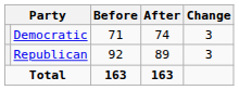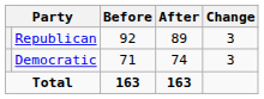 <table class="wikitable" style="text-align:center;">
 <tr>
 <th colspan="2">Party</th>
 <th>Before</th>
 <th>After</th>
 <th>Change</th>
 </tr>
 <tr>
 <th style="background-color:"></th>
-<td style="text-align:left;"><a href='#'>Democratic</a></td>
-<td>71</td>
-<td>74</td>
+<td style="text-align:left;"><a href='#'>Republican</a></td>
+<td>92</td>
+<td>89</td>
 <td> 3</td>
 </tr>
 <tr>
 <th style="background-color:"></th>
-<td style="text-align:left;"><a href='#'>Republican</a></td>
-<td>92</td>
-<td>89</td>
+<td style="text-align:left;"><a href='#'>Democratic</a></td>
+<td>71</td>
+<td>74</td>
 <td> 3</td>
 </tr>
 <tr>
 <td colspan="2"><strong>Total</strong></td>
 <td><strong>163</strong></td>
 <td><strong>163</strong></td>
 <td></td>
 </tr>
 </table>
